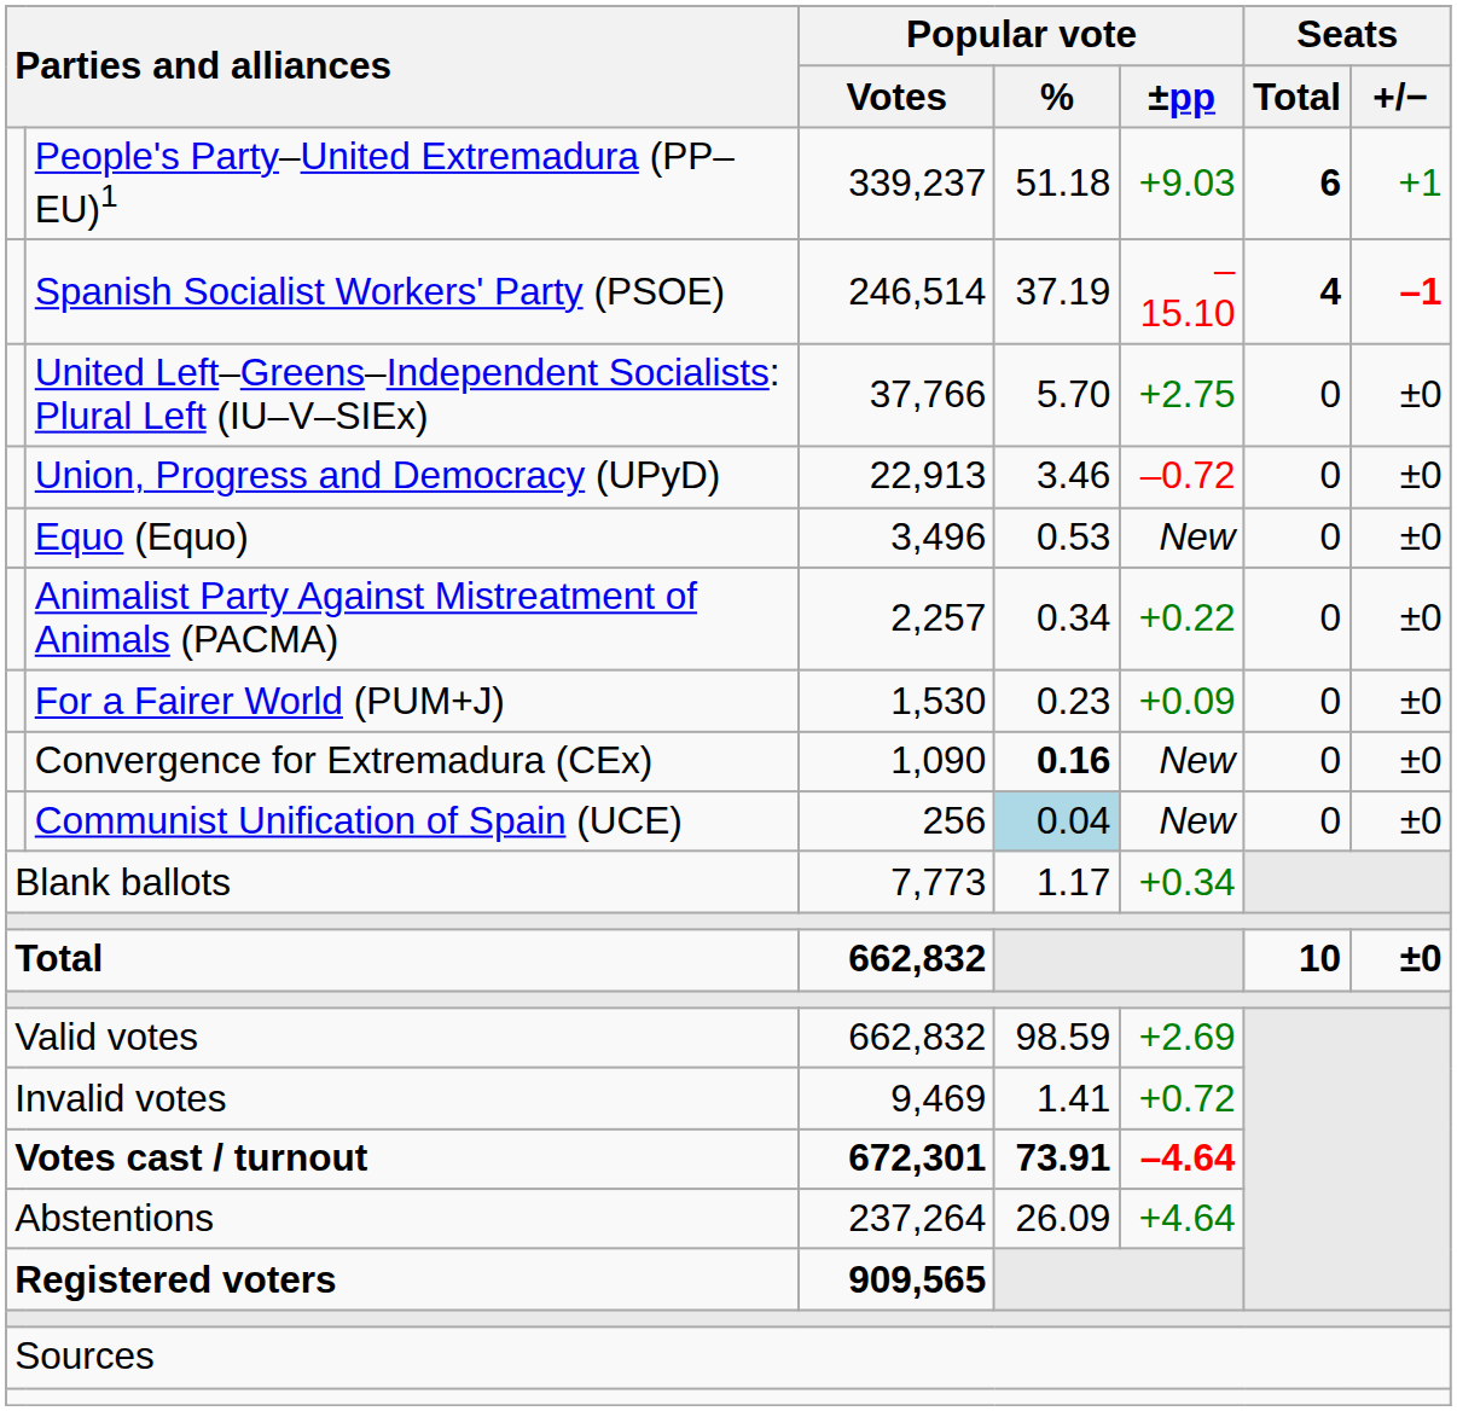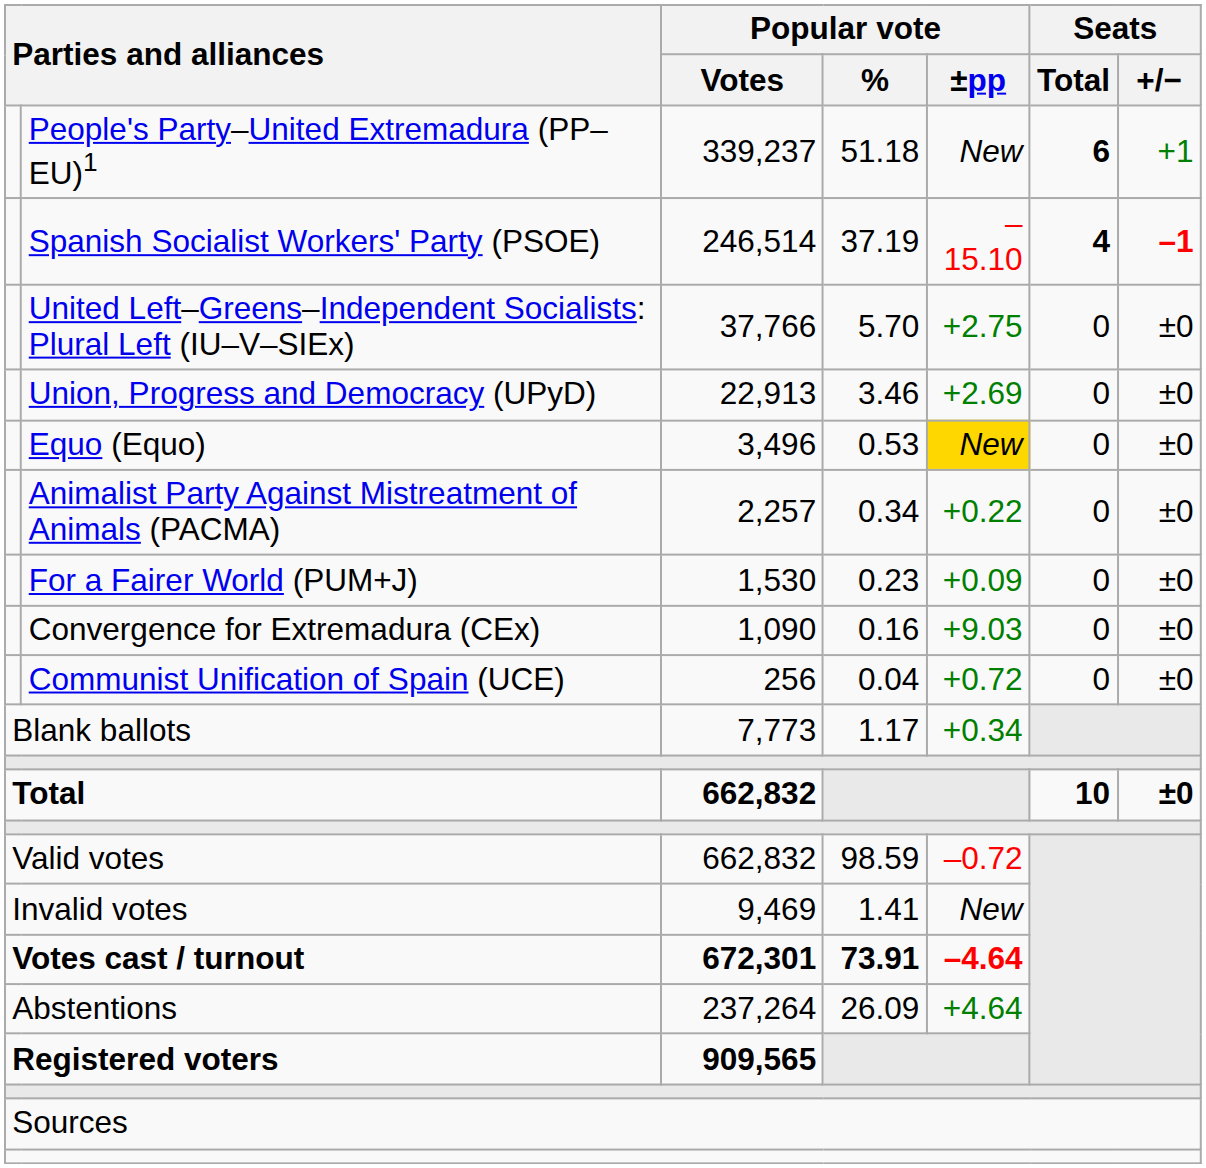 <table class="wikitable" style="text-align:right;">
 <tr>
 <th style="text-align:left;" rowspan="2" colspan="2" width="525">Parties and alliances</th>
 <th colspan="3">Popular vote</th>
 <th colspan="2">Seats</th>
 </tr>
 <tr>
 <th width="75">Votes</th>
 <th width="45">%</th>
 <th width="45">±<a href='#'>pp</a></th>
 <th width="35">Total</th>
 <th width="35">+/−</th>
 </tr>
 <tr>
 <td width="1" style="color:inherit;background:"></td>
 <td align="left"><a href='#'>People's Party</a>–<a href='#'>United Extremadura</a> (PP–EU)<sup>1</sup></td>
 <td>339,237</td>
 <td>51.18</td>
-<td style="color:green;">+9.03</td>
+<td><em>New</em></td>
 <td><strong>6</strong></td>
 <td style="color:green;">+1</td>
 </tr>
 <tr>
 <td style="color:inherit;background:"></td>
 <td align="left"><a href='#'>Spanish Socialist Workers' Party</a> (PSOE)</td>
 <td>246,514</td>
 <td>37.19</td>
 <td style="color:red;">–15.10</td>
 <td><strong>4</strong></td>
 <td style="color:red;"><strong>–1</strong></td>
 </tr>
 <tr>
 <td style="color:inherit;background:"></td>
 <td align="left"><a href='#'>United Left</a>–<a href='#'>Greens</a>–<a href='#'>Independent Socialists</a>: <a href='#'>Plural Left</a> (IU–V–SIEx)</td>
 <td>37,766</td>
 <td>5.70</td>
 <td style="color:green;">+2.75</td>
 <td>0</td>
 <td>±0</td>
 </tr>
 <tr>
 <td style="color:inherit;background:"></td>
 <td align="left"><a href='#'>Union, Progress and Democracy</a> (UPyD)</td>
 <td>22,913</td>
 <td>3.46</td>
-<td style="color:red;">–0.72</td>
+<td style="color:green;">+2.69</td>
 <td>0</td>
 <td>±0</td>
 </tr>
 <tr>
 <td style="color:inherit;background:"></td>
 <td align="left"><a href='#'>Equo</a> (Equo)</td>
 <td>3,496</td>
 <td>0.53</td>
-<td><em>New</em></td>
+<td style="background: gold;"><em>New</em></td>
 <td>0</td>
 <td>±0</td>
 </tr>
 <tr>
 <td style="color:inherit;background:"></td>
 <td align="left"><a href='#'>Animalist Party Against Mistreatment of Animals</a> (PACMA)</td>
 <td>2,257</td>
 <td>0.34</td>
 <td style="color:green;">+0.22</td>
 <td>0</td>
 <td>±0</td>
 </tr>
 <tr>
 <td style="color:inherit;background:"></td>
 <td align="left"><a href='#'>For a Fairer World</a> (PUM+J)</td>
 <td>1,530</td>
 <td>0.23</td>
 <td style="color:green;">+0.09</td>
 <td>0</td>
 <td>±0</td>
 </tr>
 <tr>
 <td style="color:inherit;background:"></td>
 <td align="left">Convergence for Extremadura (CEx)</td>
 <td>1,090</td>
-<td><strong>0.16</strong></td>
-<td><em>New</em></td>
+<td>0.16</td>
+<td style="color:green;">+9.03</td>
 <td>0</td>
 <td>±0</td>
 </tr>
 <tr>
 <td style="color:inherit;background:"></td>
 <td align="left"><a href='#'>Communist Unification of Spain</a> (UCE)</td>
 <td>256</td>
-<td style="background: lightblue;">0.04</td>
-<td><em>New</em></td>
+<td>0.04</td>
+<td style="color:green;">+0.72</td>
 <td>0</td>
 <td>±0</td>
 </tr>
 <tr>
 <td align="left" colspan="2">Blank ballots</td>
 <td>7,773</td>
 <td>1.17</td>
 <td style="color:green;">+0.34</td>
 <td bgcolor="#E9E9E9" colspan="2"></td>
 </tr>
 <tr>
 <td colspan="7" bgcolor="#E9E9E9"></td>
 </tr>
 <tr style="font-weight:bold;">
 <td align="left" colspan="2">Total</td>
 <td>662,832</td>
 <td bgcolor="#E9E9E9" colspan="2"></td>
 <td>10</td>
 <td>±0</td>
 </tr>
 <tr>
 <td colspan="7" bgcolor="#E9E9E9"></td>
 </tr>
 <tr>
 <td align="left" colspan="2">Valid votes</td>
 <td>662,832</td>
 <td>98.59</td>
-<td style="color:green;">+2.69</td>
+<td style="color:red;">–0.72</td>
 <td bgcolor="#E9E9E9" colspan="2" rowspan="5"></td>
 </tr>
 <tr>
 <td align="left" colspan="2">Invalid votes</td>
 <td>9,469</td>
 <td>1.41</td>
-<td style="color:green;">+0.72</td>
+<td><em>New</em></td>
 </tr>
 <tr style="font-weight:bold;">
 <td align="left" colspan="2">Votes cast / turnout</td>
 <td>672,301</td>
 <td>73.91</td>
 <td style="color:red;">–4.64</td>
 </tr>
 <tr>
 <td align="left" colspan="2">Abstentions</td>
 <td>237,264</td>
 <td>26.09</td>
 <td style="color:green;">+4.64</td>
 </tr>
 <tr style="font-weight:bold;">
 <td align="left" colspan="2">Registered voters</td>
 <td>909,565</td>
 <td bgcolor="#E9E9E9" colspan="2"></td>
 </tr>
 <tr>
 <td colspan="7" bgcolor="#E9E9E9"></td>
 </tr>
 <tr>
 <td align="left" colspan="7">Sources</td>
 </tr>
 <tr>
 <td colspan="7" style="text-align:left; max-width:790px;"></td>
 </tr>
 </table>
